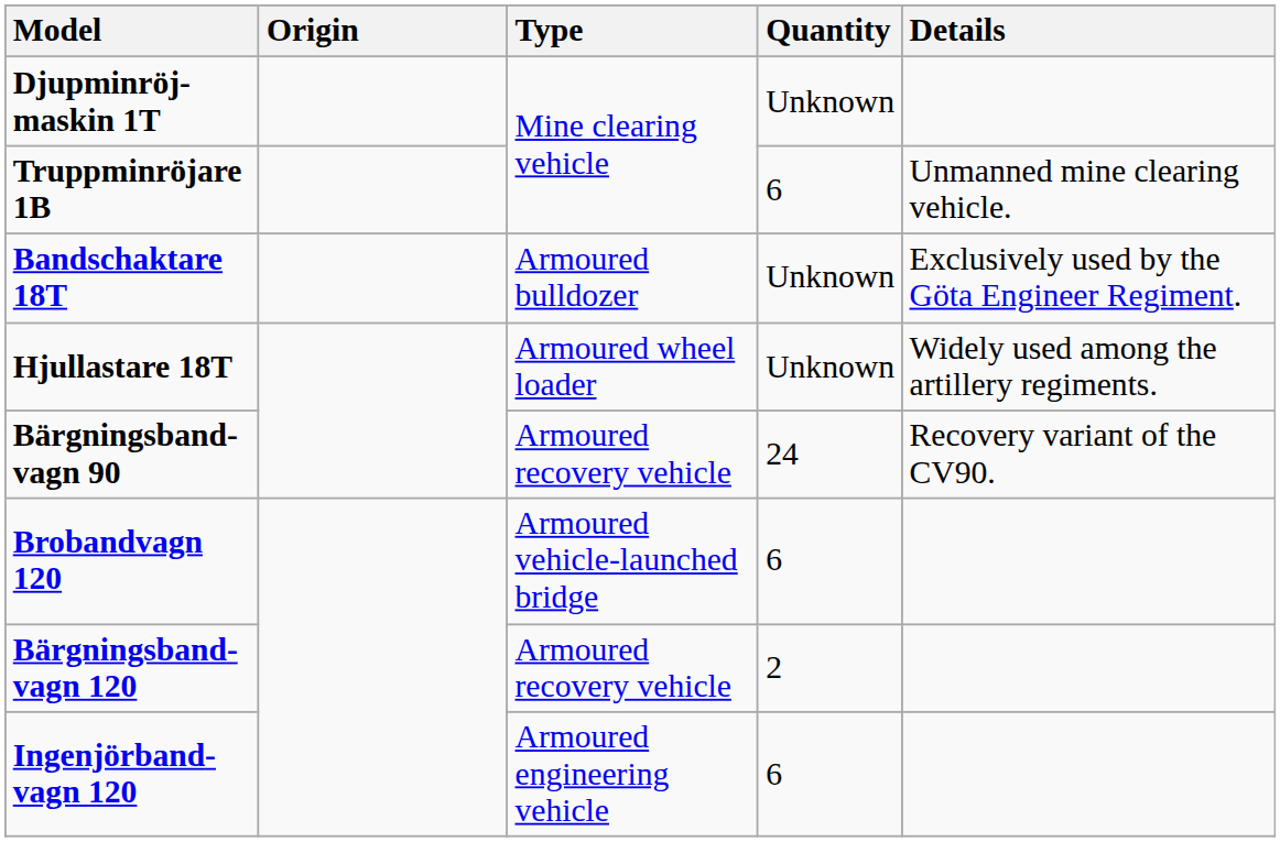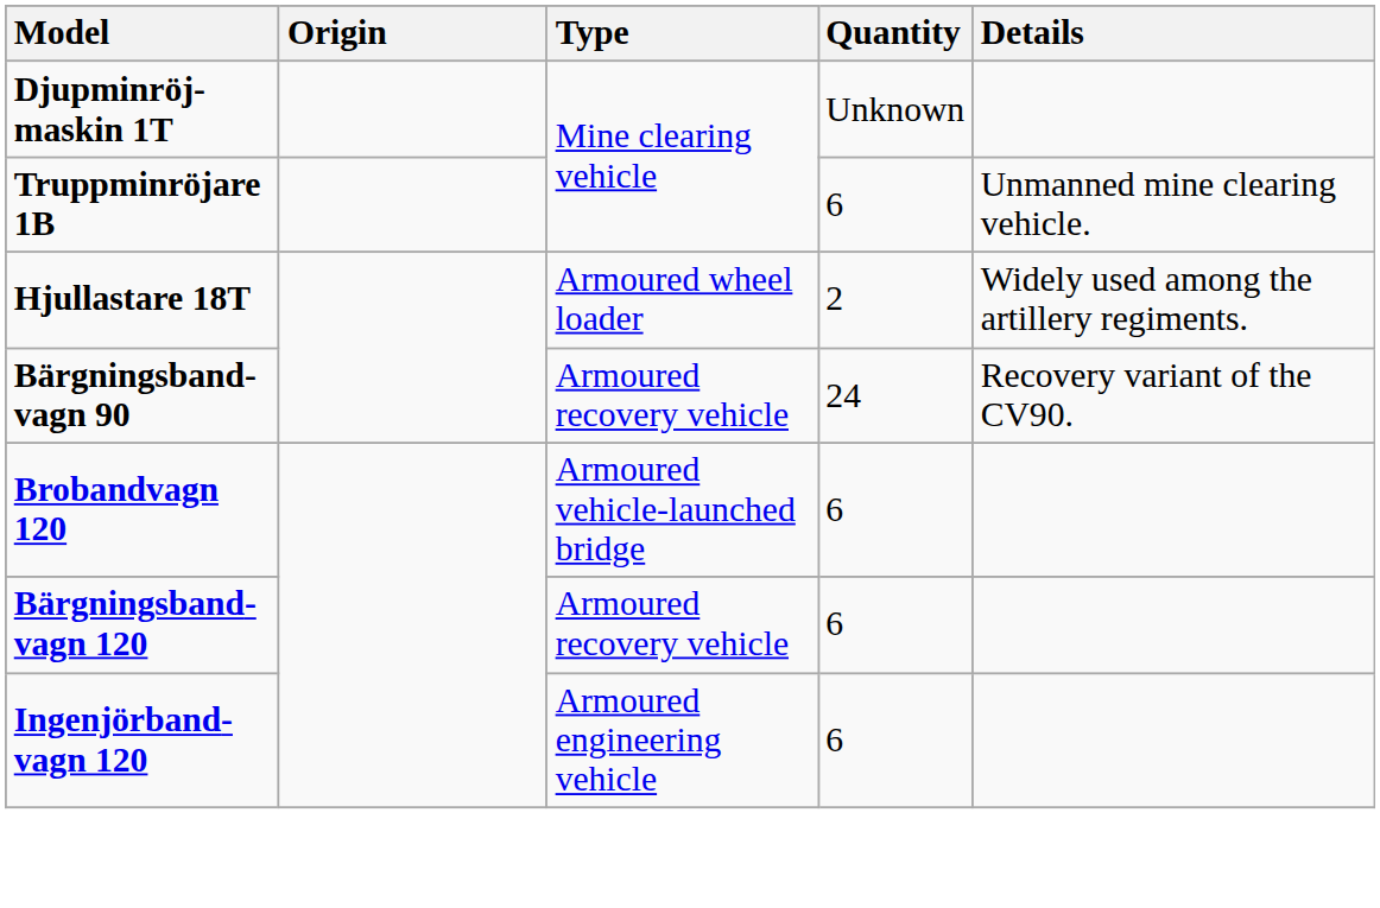 <table class="wikitable" style="width:100%;">
 <tr>
 <th style="text-align:left;width:20%;">Model</th>
 <th style="text-align:left;width:20%;">Origin</th>
 <th style="text-align:left;width:20%;">Type</th>
 <th style="text-align:left;width:10%;">Quantity</th>
 <th style="text-align:left;width:30%;">Details</th>
 </tr>
 <tr>
 <td><strong>Djup­minröj­maskin 1T</strong></td>
 <td></td>
 <td rowspan="2"><a href='#'>Mine clearing vehicle</a></td>
 <td>Unknown</td>
 <td></td>
 </tr>
 <tr>
 <td><strong>Truppminröjare 1B</strong></td>
 <td></td>
 <td>6</td>
 <td>Unmanned mine clearing vehicle.</td>
 </tr>
 <tr>
-<td><strong><a href='#'>Band­schaktare 18T</a></strong></td>
-<td></td>
-<td><a href='#'>Armoured bulldozer</a></td>
-<td>Unknown</td>
-<td>Exclusively used by the <a href='#'>Göta Engineer Regiment</a>.</td>
-</tr>
-<tr>
 <td><strong>Hjul­lastare 18T</strong></td>
 <td rowspan="2"></td>
 <td><a href='#'>Armoured wheel loader</a></td>
-<td>Unknown</td>
+<td>2</td>
 <td>Widely used among the artillery regiments.</td>
 </tr>
 <tr>
 <td><strong>Bärgnings­band­vagn 90</strong></td>
 <td><a href='#'>Armoured recovery vehicle</a></td>
 <td>24</td>
 <td>Recovery variant of the CV90.</td>
 </tr>
 <tr>
 <td><strong><a href='#'>Bro­band­vagn 120</a></strong></td>
 <td rowspan="3"></td>
 <td><a href='#'>Armoured vehicle-launched bridge</a></td>
 <td>6</td>
 <td></td>
 </tr>
 <tr>
 <td><strong><a href='#'>Bärgnings­band­vagn 120</a></strong></td>
 <td><a href='#'>Armoured recovery vehicle</a></td>
-<td>2</td>
+<td>6</td>
 <td></td>
 </tr>
 <tr>
 <td><strong><a href='#'>Ingenjör­band­vagn 120</a></strong></td>
 <td><a href='#'>Armoured engineering vehicle</a></td>
 <td>6</td>
 <td></td>
 </tr>
 </table>
